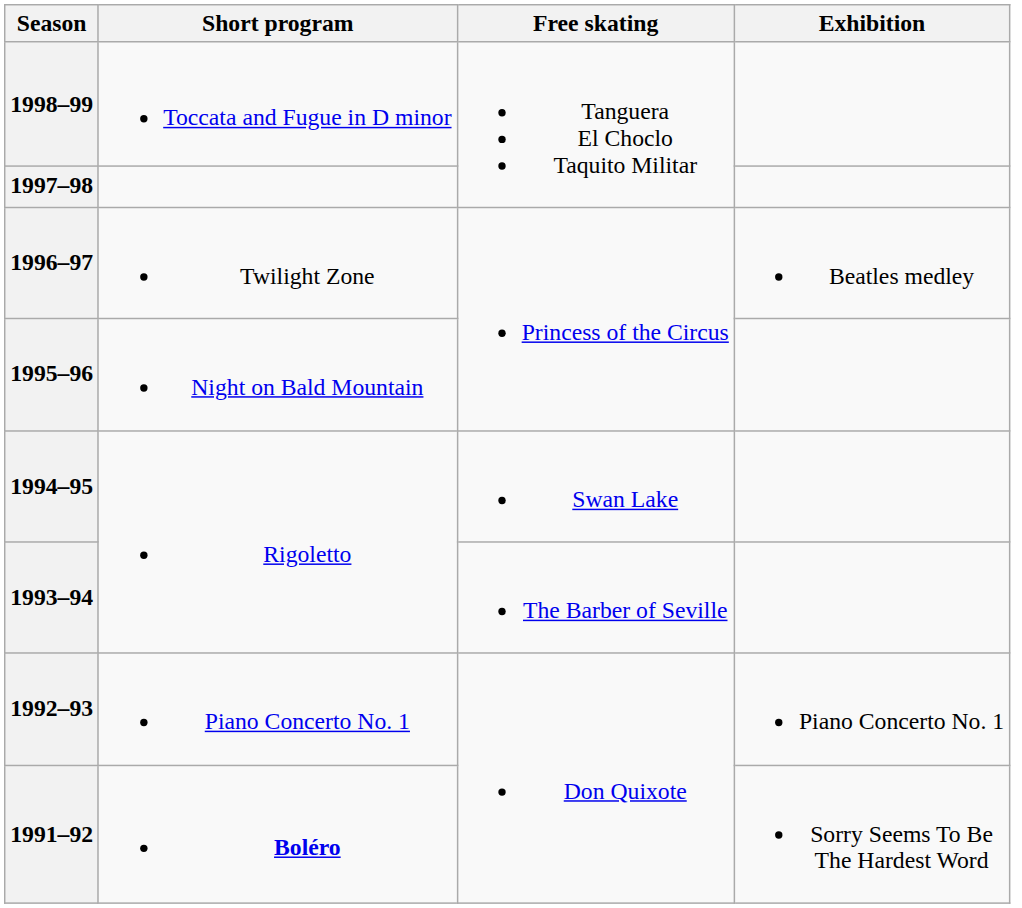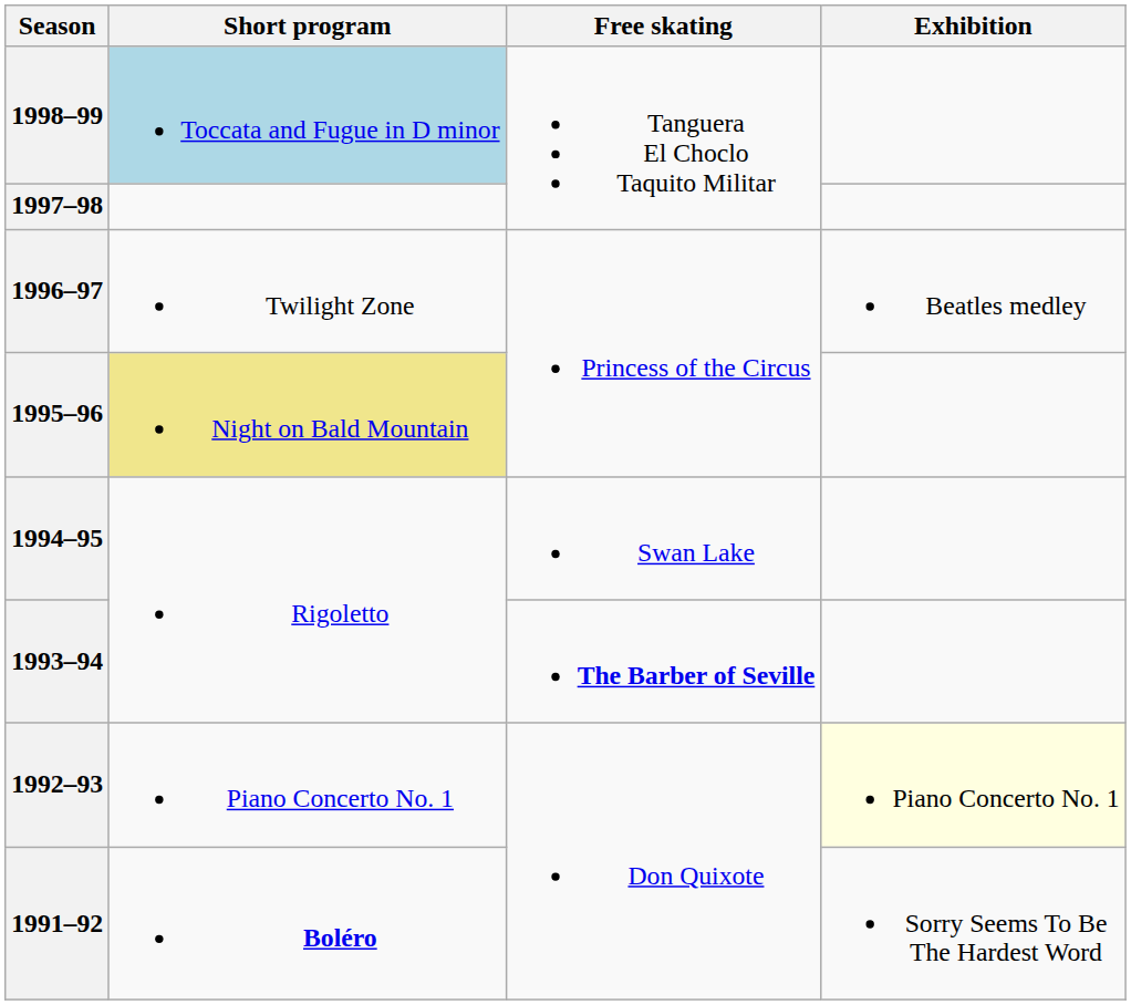 <table class="wikitable" style="text-align:center">
 <tr>
 <th>Season</th>
 <th>Short program</th>
 <th>Free skating</th>
 <th>Exhibition</th>
 </tr>
 <tr>
 <th>1998–99 <br></th>
-<td><br><ul><li><a href='#'>Toccata and Fugue in D minor</a> <br></li></ul></td>
+<td style="background: lightblue;"><br><ul><li><a href='#'>Toccata and Fugue in D minor</a> <br></li></ul></td>
 <td rowspan=2><br><ul><li>Tanguera <br></li><li>El Choclo <br></li><li>Taquito Militar <br></li></ul></td>
 <td></td>
 </tr>
 <tr>
 <th>1997–98</th>
 <td></td>
 <td></td>
 </tr>
 <tr>
 <th>1996–97</th>
 <td><br><ul><li>Twilight Zone</li></ul></td>
 <td rowspan=2><br><ul><li><a href='#'>Princess of the Circus</a> <br> </li></ul></td>
 <td><br><ul><li>Beatles medley</li></ul></td>
 </tr>
 <tr>
 <th>1995–96</th>
-<td><br><ul><li><a href='#'>Night on Bald Mountain</a> <br></li></ul></td>
+<td style="background: khaki;"><br><ul><li><a href='#'>Night on Bald Mountain</a> <br></li></ul></td>
 <td></td>
 </tr>
 <tr>
 <th>1994–95</th>
 <td rowspan=2><br><ul><li><a href='#'>Rigoletto</a> <br></li></ul></td>
 <td><br><ul><li><a href='#'>Swan Lake</a> <br></li></ul></td>
 <td></td>
 </tr>
 <tr>
 <th>1993–94</th>
-<td><br><ul><li><a href='#'>The Barber of Seville</a> <br></li></ul></td>
+<td><strong><br><ul><li><a href='#'>The Barber of Seville</a> <br></li></ul></strong></td>
 <td></td>
 </tr>
 <tr>
 <th>1992–93</th>
 <td><br><ul><li><a href='#'>Piano Concerto No. 1</a> <br></li></ul></td>
 <td rowspan=2><br><ul><li><a href='#'>Don Quixote</a> <br></li></ul></td>
-<td><br><ul><li>Piano Concerto No. 1 <br></li></ul></td>
+<td style="background: lightyellow;"><br><ul><li>Piano Concerto No. 1 <br></li></ul></td>
 </tr>
 <tr>
 <th>1991–92</th>
 <td><strong><br><ul><li><a href='#'>Boléro</a> <br></li></ul></strong></td>
 <td><br><ul><li>Sorry Seems To Be <br>The Hardest Word</li></ul></td>
 </tr>
 </table>
